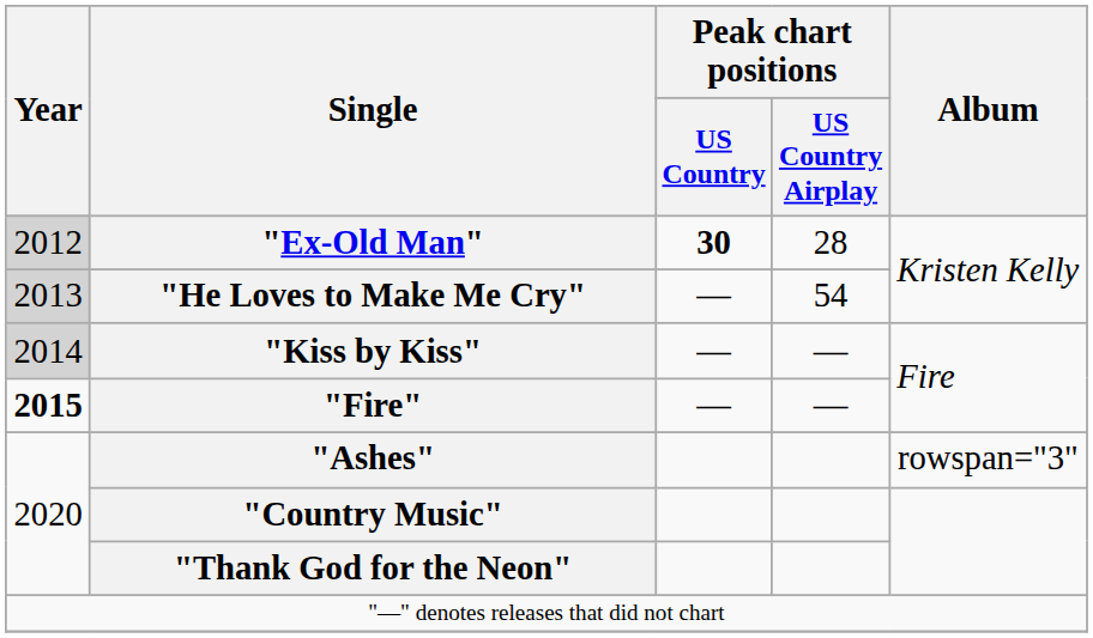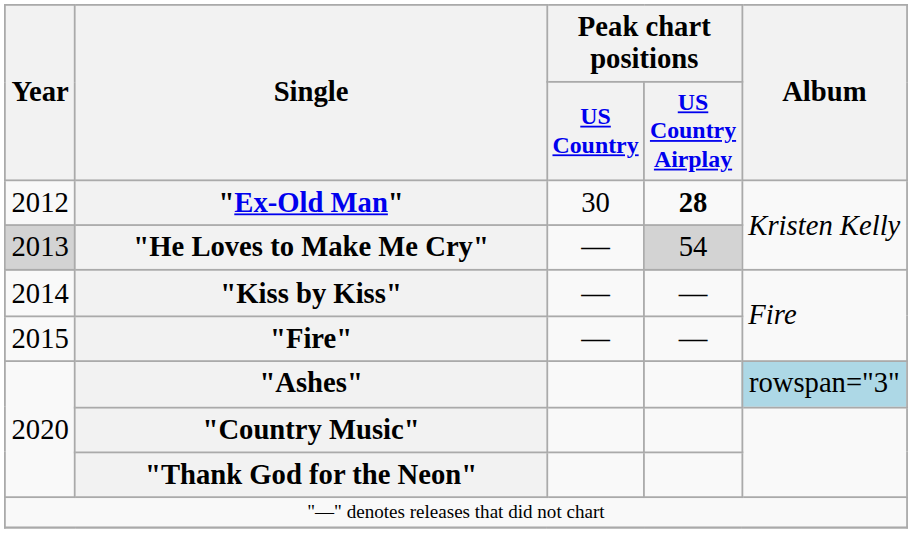 <table class="wikitable plainrowheaders" style="text-align:center;">
 <tr>
 <th rowspan="2">Year</th>
 <th rowspan="2" style="width:16em;">Single</th>
 <th colspan="2">Peak chart<br>positions</th>
 <th rowspan="2">Album</th>
 </tr>
 <tr style="font-size:smaller;">
 <th style="width:45px;"><a href='#'>US Country</a><br></th>
 <th style="width:45px;"><a href='#'>US Country Airplay</a><br></th>
 </tr>
 <tr>
-<td style="background: lightgrey;">2012</td>
+<td>2012</td>
 <th scope="row">"<a href='#'>Ex-Old Man</a>"</th>
-<td><strong>30</strong></td>
-<td>28</td>
+<td>30</td>
+<td><strong>28</strong></td>
 <td style="text-align:left;" rowspan="2"><em>Kristen Kelly</em></td>
 </tr>
 <tr>
 <td style="background: lightgrey;">2013</td>
 <th scope="row">"He Loves to Make Me Cry"</th>
 <td>—</td>
-<td>54</td>
+<td style="background: lightgrey;">54</td>
 </tr>
 <tr>
-<td style="background: lightgrey;">2014</td>
+<td>2014</td>
 <th scope="row">"Kiss by Kiss"</th>
 <td>—</td>
 <td>—</td>
 <td style="text-align:left;" rowspan="2"><em>Fire</em></td>
 </tr>
 <tr>
-<td><strong>2015</strong></td>
+<td>2015</td>
 <th scope="row">"Fire"</th>
 <td>—</td>
 <td>—</td>
 </tr>
 <tr>
 <td rowspan="3">2020</td>
 <th scope="row">"Ashes"</th>
 <td></td>
 <td></td>
-<td>rowspan="3" </td>
+<td style="background: lightblue;">rowspan="3" </td>
 </tr>
 <tr>
 <th scope="row">"Country Music"<br></th>
 <td></td>
 <td></td>
 </tr>
 <tr>
 <th scope="row">"Thank God for the Neon"</th>
 <td></td>
 <td></td>
 </tr>
 <tr>
 <td colspan="5" style="font-size:8pt">"—" denotes releases that did not chart</td>
 </tr>
 <tr>
 </tr>
 </table>
